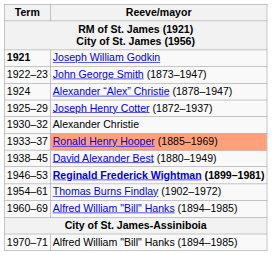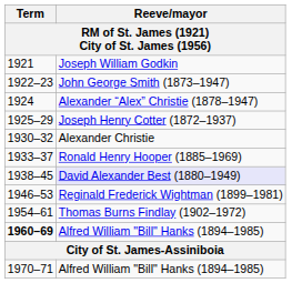 <table class="wikitable">
 <tr>
 <th>Term</th>
 <th>Reeve/mayor</th>
 </tr>
 <tr>
 <th colspan="2">RM of St. James (1921)<br>City of St. James (1956)</th>
 </tr>
 <tr>
-<td><strong>1921</strong></td>
+<td>1921</td>
 <td><a href='#'>Joseph William Godkin</a></td>
 </tr>
 <tr>
 <td>1922–23</td>
 <td><a href='#'>John George Smith</a> (1873–1947)</td>
 </tr>
 <tr>
 <td>1924</td>
 <td><a href='#'>Alexander “Alex” Christie</a> (1878–1947)</td>
 </tr>
 <tr>
 <td>1925–29</td>
 <td><a href='#'>Joseph Henry Cotter</a> (1872–1937)</td>
 </tr>
 <tr>
 <td>1930–32</td>
 <td>Alexander Christie</td>
 </tr>
 <tr>
 <td>1933–37</td>
-<td style="background: lightsalmon;"><a href='#'>Ronald Henry Hooper</a> (1885–1969)</td>
+<td><a href='#'>Ronald Henry Hooper</a> (1885–1969)</td>
 </tr>
 <tr>
 <td>1938–45</td>
-<td><a href='#'>David Alexander Best</a> (1880–1949)</td>
+<td style="background: lavender;"><a href='#'>David Alexander Best</a> (1880–1949)</td>
 </tr>
 <tr>
 <td>1946–53</td>
-<td><strong><a href='#'>Reginald Frederick Wightman</a> (1899–1981)</strong></td>
+<td><a href='#'>Reginald Frederick Wightman</a> (1899–1981)</td>
 </tr>
 <tr>
 <td>1954–61</td>
 <td><a href='#'>Thomas Burns Findlay</a> (1902–1972)</td>
 </tr>
 <tr>
-<td>1960–69</td>
+<td><strong>1960–69</strong></td>
 <td><a href='#'>Alfred William "Bill" Hanks</a> (1894–1985)</td>
 </tr>
 <tr>
 <th colspan="2">City of St. James-Assiniboia</th>
 </tr>
 <tr>
 <td>1970–71</td>
 <td>Alfred William "Bill" Hanks (1894–1985)</td>
 </tr>
 </table>
